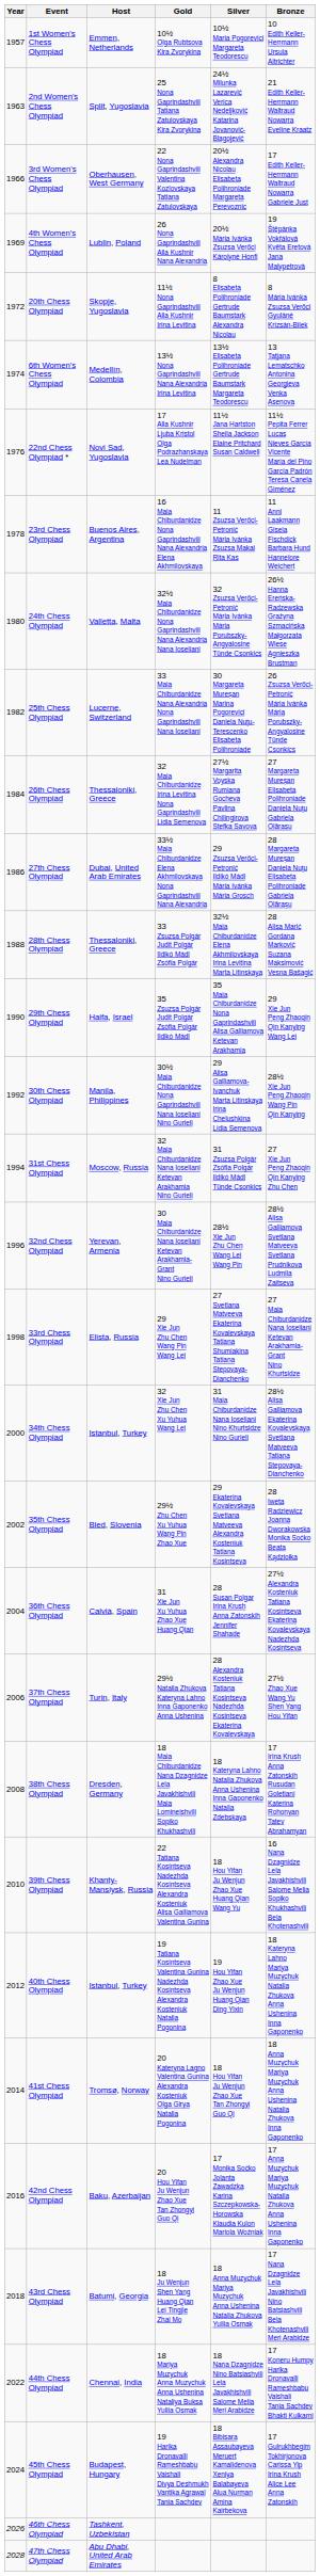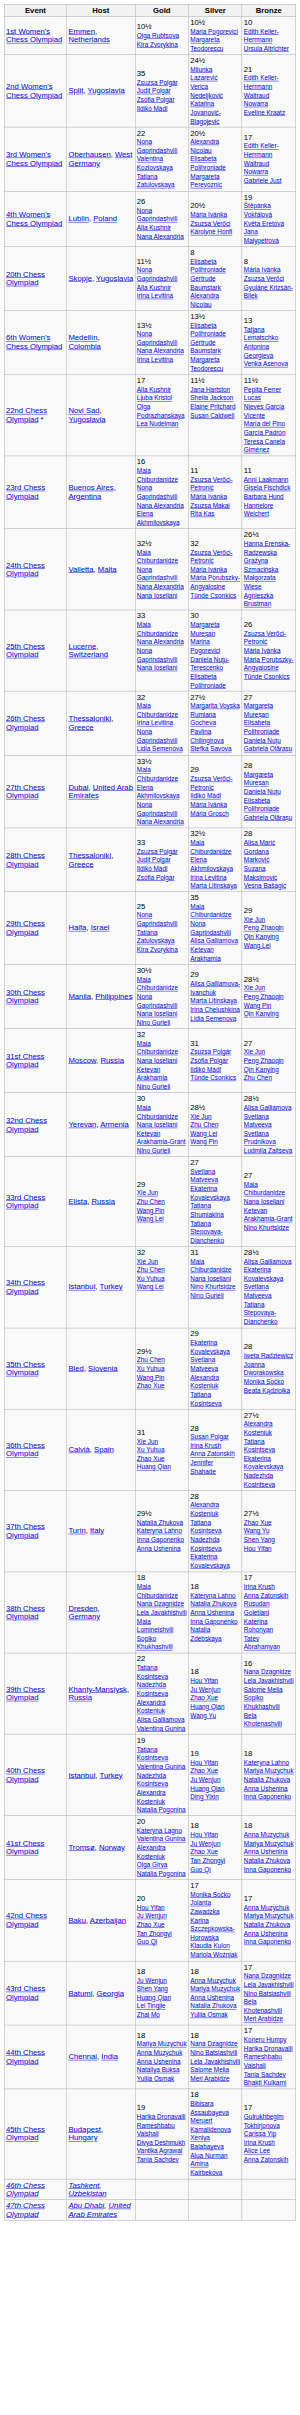 <table class="wikitable">
 <tr>
-<th width=4%>Year</th>
 <th width=21%>Event</th>
 <th width=23%>Host</th>
 <th style="width:18%;">Gold</th>
 <th style="width:18%;">Silver</th>
 <th style="width:18%;">Bronze</th>
 </tr>
 <tr>
-<td>1957</td>
 <td><a href='#'>1st Women's Chess Olympiad</a></td>
 <td> <a href='#'>Emmen</a>, <a href='#'>Netherlands</a></td>
 <td> 10½<br><small><a href='#'>Olga Rubtsova</a><br><a href='#'>Kira Zvorykina</a></small></td>
 <td> 10½<br><small><a href='#'>Maria Pogorevici</a><br><a href='#'>Margareta Teodorescu</a></small></td>
 <td> 10<br><small><a href='#'>Edith Keller-Herrmann</a><br><a href='#'>Ursula Altrichter</a></small></td>
 </tr>
 <tr>
-<td>1963</td>
 <td><a href='#'>2nd Women's Chess Olympiad</a></td>
 <td> <a href='#'>Split</a>, <a href='#'>Yugoslavia</a></td>
-<td> 25<br><small><a href='#'>Nona Gaprindashvili</a><br><a href='#'>Tatiana Zatulovskaya</a><br><a href='#'>Kira Zvorykina</a></small></td>
+<td> 35<br><small><a href='#'>Zsuzsa Polgár</a><br><a href='#'>Judit Polgár</a><br><a href='#'>Zsófia Polgár</a><br><a href='#'>Ildikó Mádl</a></small></td>
 <td> 24½<br><small><a href='#'>Milunka Lazarević</a><br><a href='#'>Verica Nedeljković</a><br><a href='#'>Katarina Jovanović-Blagojević</a></small></td>
 <td> 21<br><small><a href='#'>Edith Keller-Herrmann</a><br><a href='#'>Waltraud Nowarra</a><br><a href='#'>Eveline Kraatz</a></small></td>
 </tr>
 <tr>
-<td>1966</td>
 <td><a href='#'>3rd Women's Chess Olympiad</a></td>
 <td> <a href='#'>Oberhausen</a>, <a href='#'>West Germany</a></td>
 <td> 22<br><small><a href='#'>Nona Gaprindashvili</a><br><a href='#'>Valentina Kozlovskaya</a><br><a href='#'>Tatiana Zatulovskaya</a></small></td>
 <td> 20½<br><small><a href='#'>Alexandra Nicolau</a><br><a href='#'>Elisabeta Polihroniade</a><br><a href='#'>Margareta Perevoznic</a></small></td>
 <td> 17<br><small><a href='#'>Edith Keller-Herrmann</a><br><a href='#'>Waltraud Nowarra</a><br><a href='#'>Gabriele Just</a></small></td>
 </tr>
 <tr>
-<td>1969</td>
 <td><a href='#'>4th Women's Chess Olympiad</a></td>
 <td> <a href='#'>Lublin</a>, <a href='#'>Poland</a></td>
 <td> 26<br><small><a href='#'>Nona Gaprindashvili</a><br><a href='#'>Alla Kushnir</a><br><a href='#'>Nana Alexandria</a></small></td>
 <td> 20½<br><small><a href='#'>Mária Ivánka</a><br><a href='#'>Zsuzsa Verőci</a><br><a href='#'>Károlyné Honfi</a></small></td>
 <td> 19<br><small><a href='#'>Štěpánka Vokřálová</a><br><a href='#'>Květa Eretová</a><br><a href='#'>Jana Malypetrová</a></small></td>
 </tr>
 <tr>
-<td>1972</td>
 <td><a href='#'>20th Chess Olympiad</a></td>
 <td> <a href='#'>Skopje</a>, <a href='#'>Yugoslavia</a></td>
 <td> 11½<br><small><a href='#'>Nona Gaprindashvili</a><br><a href='#'>Alla Kushnir</a><br><a href='#'>Irina Levitina</a></small></td>
 <td> 8<br><small><a href='#'>Elisabeta Polihroniade</a><br><a href='#'>Gertrude Baumstark</a><br><a href='#'>Alexandra Nicolau</a></small></td>
 <td> 8<br><small><a href='#'>Mária Ivánka</a><br><a href='#'>Zsuzsa Verőci</a><br><a href='#'>Gyuláné Krizsán-Bilek</a></small></td>
 </tr>
 <tr>
-<td>1974</td>
 <td><a href='#'>6th Women's Chess Olympiad</a></td>
 <td> <a href='#'>Medellín</a>, <a href='#'>Colombia</a></td>
 <td> 13½<br><small><a href='#'>Nona Gaprindashvili</a><br><a href='#'>Nana Alexandria</a><br><a href='#'>Irina Levitina</a></small></td>
 <td> 13½<br><small><a href='#'>Elisabeta Polihroniade</a><br><a href='#'>Gertrude Baumstark</a><br><a href='#'>Margareta Teodorescu</a></small></td>
 <td> 13<br><small><a href='#'>Tatjana Lematschko</a><br><a href='#'>Antonina Georgieva</a><br><a href='#'>Venka Asenova</a></small></td>
 </tr>
 <tr>
-<td>1976</td>
 <td><a href='#'>22nd Chess Olympiad</a> *</td>
 <td> <a href='#'>Novi Sad</a>, <a href='#'>Yugoslavia</a></td>
 <td valign="top"> 17<br><small><a href='#'>Alla Kushnir</a><br><a href='#'>Ljuba Kristol</a><br><a href='#'>Olga Podrazhanskaya</a><br><a href='#'>Lea Nudelman</a></small></td>
 <td valign="top"> 11½<br><small><a href='#'>Jana Hartston</a><br><a href='#'>Sheila Jackson</a><br><a href='#'>Elaine Pritchard</a><br><a href='#'>Susan Caldwell</a></small></td>
 <td> 11½<br><small><a href='#'>Pepita Ferrer Lucas</a><br><a href='#'>Nieves García Vicente</a><br><a href='#'>María del Pino García Padrón</a><br><a href='#'>Teresa Canela Giménez</a></small></td>
 </tr>
 <tr>
-<td>1978</td>
 <td><a href='#'>23rd Chess Olympiad</a></td>
 <td> <a href='#'>Buenos Aires</a>, <a href='#'>Argentina</a></td>
 <td> 16<br><small><a href='#'>Maia Chiburdanidze</a><br><a href='#'>Nona Gaprindashvili</a><br><a href='#'>Nana Alexandria</a><br><a href='#'>Elena Akhmilovskaya</a></small></td>
 <td> 11<br><small><a href='#'>Zsuzsa Verőci-Petronić</a><br><a href='#'>Mária Ivánka</a><br><a href='#'>Zsuzsa Makai</a><br><a href='#'>Rita Kas</a></small></td>
 <td> 11<br><small><a href='#'>Anni Laakmann</a><br><a href='#'>Gisela Fischdick</a><br><a href='#'>Barbara Hund</a><br><a href='#'>Hannelore Weichert</a></small></td>
 </tr>
 <tr>
-<td>1980</td>
 <td><a href='#'>24th Chess Olympiad</a></td>
 <td> <a href='#'>Valletta</a>, <a href='#'>Malta</a></td>
 <td> 32½<br><small><a href='#'>Maia Chiburdanidze</a><br><a href='#'>Nona Gaprindashvili</a><br><a href='#'>Nana Alexandria</a><br><a href='#'>Nana Ioseliani</a></small></td>
 <td> 32<br><small><a href='#'>Zsuzsa Verőci-Petronić</a><br><a href='#'>Mária Ivánka</a><br><a href='#'>Mária Porubszky-Angyalosine</a><br><a href='#'>Tünde Csonkics</a></small></td>
 <td> 26½<br><small><a href='#'>Hanna Ereńska-Radzewska</a><br><a href='#'>Grażyna Szmacińska</a><br><a href='#'>Małgorzata Wiese</a><br><a href='#'>Agnieszka Brustman</a></small></td>
 </tr>
 <tr>
-<td>1982</td>
 <td><a href='#'>25th Chess Olympiad</a></td>
 <td> <a href='#'>Lucerne</a>, <a href='#'>Switzerland</a></td>
 <td valign="top"> 33<br><small><a href='#'>Maia Chiburdanidze</a><br><a href='#'>Nana Alexandria</a><br><a href='#'>Nona Gaprindashvili</a><br><a href='#'>Nana Ioseliani</a></small></td>
 <td valign="top"> 30<br><small><a href='#'>Margareta Mureșan</a><br><a href='#'>Marina Pogorevici</a><br><a href='#'>Daniela Nuţu-Terescenko</a><br><a href='#'>Elisabeta Polihroniade</a></small></td>
 <td> 26<br><small><a href='#'>Zsuzsa Verőci-Petronić</a><br><a href='#'>Mária Ivánka</a><br><a href='#'>Mária Porubszky-Angyalosine</a><br><a href='#'>Tünde Csonkics</a></small></td>
 </tr>
 <tr>
-<td>1984</td>
 <td><a href='#'>26th Chess Olympiad</a></td>
 <td> <a href='#'>Thessaloniki</a>, <a href='#'>Greece</a></td>
 <td> 32<br><small><a href='#'>Maia Chiburdanidze</a><br><a href='#'>Irina Levitina</a><br><a href='#'>Nona Gaprindashvili</a><br><a href='#'>Lidia Semenova</a></small></td>
 <td> 27½<br><small><a href='#'>Margarita Voyska</a><br><a href='#'>Rumiana Gocheva</a><br><a href='#'>Pavlina Chilingirova</a><br><a href='#'>Stefka Savova</a></small></td>
 <td> 27<br><small><a href='#'>Margareta Mureșan</a><br><a href='#'>Elisabeta Polihroniade</a><br><a href='#'>Daniela Nuţu</a><br><a href='#'>Gabriela Olărașu</a></small></td>
 </tr>
 <tr>
-<td>1986</td>
 <td><a href='#'>27th Chess Olympiad</a></td>
 <td> <a href='#'>Dubai</a>, <a href='#'>United Arab Emirates</a></td>
 <td> 33½<br><small><a href='#'>Maia Chiburdanidze</a><br><a href='#'>Elena Akhmilovskaya</a><br><a href='#'>Nona Gaprindashvili</a><br><a href='#'>Nana Alexandria</a></small></td>
 <td> 29<br><small><a href='#'>Zsuzsa Verőci-Petronić</a><br><a href='#'>Ildikó Mádl</a><br><a href='#'>Mária Ivánka</a><br><a href='#'>Mária Grosch</a></small></td>
 <td> 28<br><small><a href='#'>Margareta Mureșan</a><br><a href='#'>Daniela Nuţu</a><br><a href='#'>Elisabeta Polihroniade</a><br><a href='#'>Gabriela Olărașu</a></small></td>
 </tr>
 <tr>
-<td>1988</td>
 <td><a href='#'>28th Chess Olympiad</a></td>
 <td> <a href='#'>Thessaloniki</a>, <a href='#'>Greece</a></td>
 <td> 33<br><small><a href='#'>Zsuzsa Polgár</a><br><a href='#'>Judit Polgár</a><br><a href='#'>Ildikó Mádl</a><br><a href='#'>Zsófia Polgár</a></small></td>
 <td> 32½<br><small><a href='#'>Maia Chiburdanidze</a><br><a href='#'>Elena Akhmilovskaya</a><br><a href='#'>Irina Levitina</a><br><a href='#'>Marta Litinskaya</a></small></td>
 <td> 28<br><small><a href='#'>Alisa Marić</a><br><a href='#'>Gordana Marković</a><br><a href='#'>Suzana Maksimović</a><br><a href='#'>Vesna Bašagić</a></small></td>
 </tr>
 <tr>
-<td>1990</td>
 <td><a href='#'>29th Chess Olympiad</a></td>
 <td> <a href='#'>Haifa</a>, <a href='#'>Israel</a></td>
-<td> 35<br><small><a href='#'>Zsuzsa Polgár</a><br><a href='#'>Judit Polgár</a><br><a href='#'>Zsófia Polgár</a><br><a href='#'>Ildikó Mádl</a></small></td>
+<td> 25<br><small><a href='#'>Nona Gaprindashvili</a><br><a href='#'>Tatiana Zatulovskaya</a><br><a href='#'>Kira Zvorykina</a></small></td>
 <td> 35<br><small><a href='#'>Maia Chiburdanidze</a><br><a href='#'>Nona Gaprindashvili</a><br><a href='#'>Alisa Galliamova</a><br><a href='#'>Ketevan Arakhamia</a></small></td>
 <td> 29<br><small><a href='#'>Xie Jun</a><br><a href='#'>Peng Zhaoqin</a><br><a href='#'>Qin Kanying</a><br><a href='#'>Wang Lei</a></small></td>
 </tr>
 <tr>
-<td>1992</td>
 <td><a href='#'>30th Chess Olympiad</a></td>
 <td> <a href='#'>Manila</a>, <a href='#'>Philippines</a></td>
 <td> 30½<br><small><a href='#'>Maia Chiburdanidze</a><br><a href='#'>Nona Gaprindashvili</a><br><a href='#'>Nana Ioseliani</a><br><a href='#'>Nino Gurieli</a></small></td>
 <td> 29<br><small><a href='#'>Alisa Galliamova-Ivanchuk</a><br><a href='#'>Marta Litinskaya</a><br><a href='#'>Irina Chelushkina</a><br><a href='#'>Lidia Semenova</a></small></td>
 <td> 28½<br><small><a href='#'>Xie Jun</a><br><a href='#'>Peng Zhaoqin</a><br><a href='#'>Wang Pin</a><br><a href='#'>Qin Kanying</a></small></td>
 </tr>
 <tr>
-<td>1994</td>
 <td><a href='#'>31st Chess Olympiad</a></td>
 <td> <a href='#'>Moscow</a>, <a href='#'>Russia</a></td>
 <td> 32<br><small><a href='#'>Maia Chiburdanidze</a><br><a href='#'>Nana Ioseliani</a><br><a href='#'>Ketevan Arakhamia</a><br><a href='#'>Nino Gurieli</a></small></td>
 <td> 31<br><small><a href='#'>Zsuzsa Polgár</a><br><a href='#'>Zsófia Polgár</a><br><a href='#'>Ildikó Mádl</a><br><a href='#'>Tünde Csonkics</a></small></td>
 <td> 27<br><small><a href='#'>Xie Jun</a><br><a href='#'>Peng Zhaoqin</a><br><a href='#'>Qin Kanying</a><br><a href='#'>Zhu Chen</a></small></td>
 </tr>
 <tr>
-<td>1996</td>
 <td><a href='#'>32nd Chess Olympiad</a></td>
 <td> <a href='#'>Yerevan</a>, <a href='#'>Armenia</a></td>
 <td> 30<br><small><a href='#'>Maia Chiburdanidze</a><br><a href='#'>Nana Ioseliani</a><br><a href='#'>Ketevan Arakhamia-Grant</a><br><a href='#'>Nino Gurieli</a></small></td>
 <td> 28½<br><small><a href='#'>Xie Jun</a><br><a href='#'>Zhu Chen</a><br><a href='#'>Wang Lei</a><br><a href='#'>Wang Pin</a></small></td>
 <td> 28½<br><small><a href='#'>Alisa Galliamova</a><br><a href='#'>Svetlana Matveeva</a><br><a href='#'>Svetlana Prudnikova</a><br><a href='#'>Ludmila Zaitseva</a></small></td>
 </tr>
 <tr>
-<td>1998</td>
 <td><a href='#'>33rd Chess Olympiad</a></td>
 <td> <a href='#'>Elista</a>, <a href='#'>Russia</a></td>
 <td> 29<br><small><a href='#'>Xie Jun</a><br><a href='#'>Zhu Chen</a><br><a href='#'>Wang Pin</a><br><a href='#'>Wang Lei</a></small></td>
 <td> 27<br><small><a href='#'>Svetlana Matveeva</a><br><a href='#'>Ekaterina Kovalevskaya</a><br><a href='#'>Tatiana Shumiakina</a><br><a href='#'>Tatiana Stepovaya-Dianchenko</a></small></td>
 <td> 27<br><small><a href='#'>Maia Chiburdanidze</a><br><a href='#'>Nana Ioseliani</a><br><a href='#'>Ketevan Arakhamia-Grant</a><br><a href='#'>Nino Khurtsidze</a></small></td>
 </tr>
 <tr>
-<td>2000</td>
 <td><a href='#'>34th Chess Olympiad</a></td>
 <td> <a href='#'>Istanbul</a>, <a href='#'>Turkey</a></td>
 <td valign="top"> 32<br><small><a href='#'>Xie Jun</a><br><a href='#'>Zhu Chen</a><br><a href='#'>Xu Yuhua</a><br><a href='#'>Wang Lei</a></small></td>
 <td valign="top"> 31<br><small><a href='#'>Maia Chiburdanidze</a><br><a href='#'>Nana Ioseliani</a><br><a href='#'>Nino Khurtsidze</a><br><a href='#'>Nino Gurieli</a></small></td>
 <td> 28½<br><small><a href='#'>Alisa Galliamova</a><br><a href='#'>Ekaterina Kovalevskaya</a><br><a href='#'>Svetlana Matveeva</a><br><a href='#'>Tatiana Stepovaya-Dianchenko</a></small></td>
 </tr>
 <tr>
-<td>2002</td>
 <td><a href='#'>35th Chess Olympiad</a></td>
 <td> <a href='#'>Bled</a>, <a href='#'>Slovenia</a></td>
 <td> 29½<br><small><a href='#'>Zhu Chen</a><br><a href='#'>Xu Yuhua</a><br><a href='#'>Wang Pin</a><br><a href='#'>Zhao Xue</a></small></td>
 <td> 29<br><small><a href='#'>Ekaterina Kovalevskaya</a><br><a href='#'>Svetlana Matveeva</a><br><a href='#'>Alexandra Kosteniuk</a><br><a href='#'>Tatiana Kosintseva</a></small></td>
 <td> 28<br><small><a href='#'>Iweta Radziewicz</a><br><a href='#'>Joanna Dworakowska</a><br><a href='#'>Monika Soćko</a><br><a href='#'>Beata Kądziołka</a></small></td>
 </tr>
 <tr>
-<td>2004</td>
 <td><a href='#'>36th Chess Olympiad</a></td>
 <td> <a href='#'>Calvià</a>, <a href='#'>Spain</a></td>
 <td> 31<br><small><a href='#'>Xie Jun</a><br><a href='#'>Xu Yuhua</a><br><a href='#'>Zhao Xue</a><br><a href='#'>Huang Qian</a></small></td>
 <td> 28<br><small><a href='#'>Susan Polgar</a><br><a href='#'>Irina Krush</a><br><a href='#'>Anna Zatonskih</a><br><a href='#'>Jennifer Shahade</a></small></td>
 <td> 27½<br><small><a href='#'>Alexandra Kosteniuk</a><br><a href='#'>Tatiana Kosintseva</a><br><a href='#'>Ekaterina Kovalevskaya</a><br><a href='#'>Nadezhda Kosintseva</a></small></td>
 </tr>
 <tr>
-<td>2006</td>
 <td><a href='#'>37th Chess Olympiad</a></td>
 <td> <a href='#'>Turin</a>, <a href='#'>Italy</a></td>
 <td> 29½<br><small><a href='#'>Natalia Zhukova</a><br><a href='#'>Kateryna Lahno</a><br><a href='#'>Inna Gaponenko</a><br><a href='#'>Anna Ushenina</a></small></td>
 <td> 28<br><small><a href='#'>Alexandra Kosteniuk</a><br><a href='#'>Tatiana Kosintseva</a><br><a href='#'>Nadezhda Kosintseva</a><br><a href='#'>Ekaterina Kovalevskaya</a></small></td>
 <td> 27½<br><small><a href='#'>Zhao Xue</a><br><a href='#'>Wang Yu</a><br><a href='#'>Shen Yang</a><br><a href='#'>Hou Yifan</a></small></td>
 </tr>
 <tr>
-<td>2008</td>
 <td><a href='#'>38th Chess Olympiad</a></td>
 <td> <a href='#'>Dresden</a>, <a href='#'>Germany</a></td>
 <td> 18<br><small><a href='#'>Maia Chiburdanidze</a><br><a href='#'>Nana Dzagnidze</a><br><a href='#'>Lela Javakhishvili</a><br><a href='#'>Maia Lomineishvili</a><br><a href='#'>Sopiko Khukhashvili</a></small></td>
 <td> 18<br><small><a href='#'>Kateryna Lahno</a><br><a href='#'>Natalia Zhukova</a><br><a href='#'>Anna Ushenina</a><br><a href='#'>Inna Gaponenko</a><br><a href='#'>Natalia Zdebskaya</a></small></td>
 <td> 17<br><small><a href='#'>Irina Krush</a><br><a href='#'>Anna Zatonskih</a><br><a href='#'>Rusudan Goletiani</a><br><a href='#'>Katerina Rohonyan</a><br><a href='#'>Tatev Abrahamyan</a></small></td>
 </tr>
 <tr>
-<td>2010</td>
 <td><a href='#'>39th Chess Olympiad</a></td>
 <td> <a href='#'>Khanty-Mansiysk</a>, <a href='#'>Russia</a></td>
 <td> 22<br><small><a href='#'>Tatiana Kosintseva</a><br><a href='#'>Nadezhda Kosintseva</a><br><a href='#'>Alexandra Kosteniuk</a><br><a href='#'>Alisa Galliamova</a><br><a href='#'>Valentina Gunina</a></small></td>
 <td> 18<br><small><a href='#'>Hou Yifan</a><br><a href='#'>Ju Wenjun</a><br><a href='#'>Zhao Xue</a><br><a href='#'>Huang Qian</a><br><a href='#'>Wang Yu</a></small></td>
 <td> 16<br><small><a href='#'>Nana Dzagnidze</a><br><a href='#'>Lela Javakhishvili</a><br><a href='#'>Salome Melia</a><br><a href='#'>Sopiko Khukhashvili</a><br><a href='#'>Bela Khotenashvili</a></small></td>
 </tr>
 <tr>
-<td>2012</td>
 <td><a href='#'>40th Chess Olympiad</a></td>
 <td> <a href='#'>Istanbul</a>, <a href='#'>Turkey</a></td>
 <td> 19<br><small><a href='#'>Tatiana Kosintseva</a><br><a href='#'>Valentina Gunina</a><br><a href='#'>Nadezhda Kosintseva</a><br><a href='#'>Alexandra Kosteniuk</a><br><a href='#'>Natalia Pogonina</a></small></td>
 <td> 19<br><small><a href='#'>Hou Yifan</a><br><a href='#'>Zhao Xue</a><br><a href='#'>Ju Wenjun</a><br><a href='#'>Huang Qian</a><br><a href='#'>Ding Yixin</a></small></td>
 <td> 18<br><small><a href='#'>Kateryna Lahno</a><br><a href='#'>Mariya Muzychuk</a><br><a href='#'>Natalia Zhukova</a><br><a href='#'>Anna Ushenina</a><br><a href='#'>Inna Gaponenko</a></small></td>
 </tr>
 <tr>
-<td>2014</td>
 <td><a href='#'>41st Chess Olympiad</a></td>
 <td> <a href='#'>Tromsø</a>, <a href='#'>Norway</a></td>
 <td> 20<br><small><a href='#'>Kateryna Lagno</a><br><a href='#'>Valentina Gunina</a><br><a href='#'>Alexandra Kosteniuk</a><br><a href='#'>Olga Girya</a><br><a href='#'>Natalia Pogonina</a></small></td>
 <td> 18<br><small><a href='#'>Hou Yifan</a><br><a href='#'>Ju Wenjun</a><br><a href='#'>Zhao Xue</a><br><a href='#'>Tan Zhongyi</a><br><a href='#'>Guo Qi</a></small></td>
 <td> 18<br><small><a href='#'>Anna Muzychuk</a><br><a href='#'>Mariya Muzychuk</a><br><a href='#'>Anna Ushenina</a><br><a href='#'>Natalia Zhukova</a><br><a href='#'>Inna Gaponenko</a></small></td>
 </tr>
 <tr>
-<td>2016</td>
 <td><a href='#'>42nd Chess Olympiad</a></td>
 <td> <a href='#'>Baku</a>, <a href='#'>Azerbaijan</a></td>
 <td> 20<br><small><a href='#'>Hou Yifan</a><br><a href='#'>Ju Wenjun</a><br><a href='#'>Zhao Xue</a><br><a href='#'>Tan Zhongyi</a><br><a href='#'>Guo Qi</a></small></td>
 <td> 17<br><small><a href='#'>Monika Soćko</a><br><a href='#'>Jolanta Zawadzka</a><br><a href='#'>Karina Szczepkowska-Horowska</a><br><a href='#'>Klaudia Kulon</a><br><a href='#'>Mariola Woźniak</a></small></td>
 <td> 17<br><small><a href='#'>Anna Muzychuk</a><br><a href='#'>Mariya Muzychuk</a><br><a href='#'>Natalia Zhukova</a><br><a href='#'>Anna Ushenina</a><br><a href='#'>Inna Gaponenko</a></small></td>
 </tr>
 <tr>
-<td>2018</td>
 <td><a href='#'>43rd Chess Olympiad</a></td>
 <td> <a href='#'>Batumi</a>, <a href='#'>Georgia</a></td>
 <td> 18<br><small><a href='#'>Ju Wenjun</a><br><a href='#'>Shen Yang</a><br><a href='#'>Huang Qian</a><br><a href='#'>Lei Tingjie</a><br><a href='#'>Zhai Mo</a></small></td>
 <td> 18<br><small><a href='#'>Anna Muzychuk</a><br><a href='#'>Mariya Muzychuk</a><br><a href='#'>Anna Ushenina</a><br><a href='#'>Natalia Zhukova</a><br><a href='#'>Yuliia Osmak</a></small></td>
 <td> 17<br><small><a href='#'>Nana Dzagnidze</a><br><a href='#'>Lela Javakhishvili</a><br><a href='#'>Nino Batsiashvili</a><br><a href='#'>Bela Khotenashvili</a><br><a href='#'>Meri Arabidze</a></small></td>
 </tr>
 <tr>
-<td>2022</td>
 <td><a href='#'>44th Chess Olympiad</a></td>
 <td> <a href='#'>Chennai</a>, <a href='#'>India</a></td>
 <td> 18<br><small><a href='#'>Mariya Muzychuk</a><br><a href='#'>Anna Muzychuk</a><br><a href='#'>Anna Ushenina</a><br><a href='#'>Nataliya Buksa</a><br><a href='#'>Yuliia Osmak</a></small></td>
 <td> 18<br><small><a href='#'>Nana Dzagnidze</a><br><a href='#'>Nino Batsiashvili</a><br><a href='#'>Lela Javakhishvili</a><br><a href='#'>Salome Melia</a><br><a href='#'>Meri Arabidze</a></small></td>
 <td> 17<br><small><a href='#'>Koneru Humpy</a><br><a href='#'>Harika Dronavalli</a><br><a href='#'>Rameshbabu Vaishali</a><br><a href='#'>Tania Sachdev</a><br><a href='#'>Bhakti Kulkarni</a></small></td>
 </tr>
 <tr>
-<td>2024</td>
 <td><a href='#'>45th Chess Olympiad</a></td>
 <td> <a href='#'>Budapest</a>, <a href='#'>Hungary</a></td>
 <td> 19<br><small><a href='#'>Harika Dronavalli</a><br><a href='#'>Rameshbabu Vaishali</a><br><a href='#'>Divya Deshmukh</a><br><a href='#'>Vantika Agrawal</a><br><a href='#'>Tania Sachdev</a></small></td>
 <td> 18<br><small><a href='#'>Bibisara Assaubayeva</a><br><a href='#'>Meruert Kamalidenova</a><br><a href='#'>Xeniya Balabayeva</a><br><a href='#'>Alua Nurman</a><br><a href='#'>Amina Kairbekova</a></small></td>
 <td> 17<br><small><a href='#'>Gulrukhbegim Tokhirjonova</a><br><a href='#'>Carissa Yip</a><br><a href='#'>Irina Krush</a><br><a href='#'>Alice Lee</a><br><a href='#'>Anna Zatonskih</a></small></td>
 </tr>
 <tr>
-<td><em>2026</em></td>
 <td><em><a href='#'>46th Chess Olympiad</a></em></td>
 <td> <em><a href='#'>Tashkent</a>, <a href='#'>Uzbekistan</a></em></td>
 <td></td>
 <td></td>
 <td></td>
 </tr>
 <tr>
-<td><em>2028</em></td>
 <td><em><a href='#'>47th Chess Olympiad</a></em></td>
 <td> <em><a href='#'>Abu Dhabi</a>, <a href='#'>United Arab Emirates</a></em></td>
 <td></td>
 <td></td>
 <td></td>
 </tr>
 </table>
